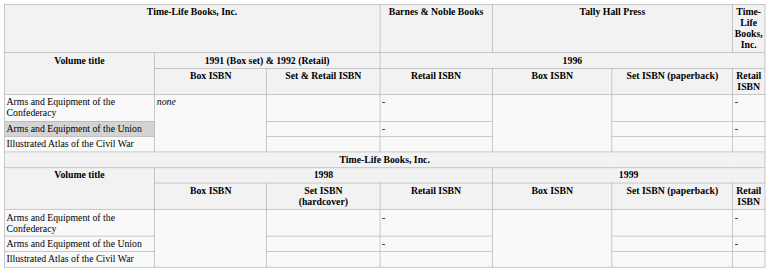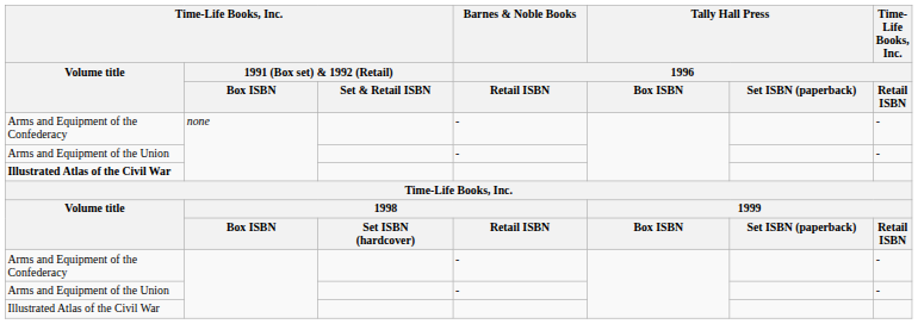 <table | class="wikitable">
 <tr valign="top">
 <th colspan="3" width="40%"><strong>Time-Life Books, Inc.</strong></th>
 <th colspan="1" width="10%"><strong>Barnes & Noble Books</strong></th>
 <th colspan="2" width="40%"><strong>Tally Hall Press</strong></th>
 <th colspan="1" width="10%"><strong>Time-Life Books, Inc.</strong></th>
 </tr>
 <tr valign="top">
 <th rowspan="2" width="10%"><strong>Volume title</strong></th>
 <th colspan="2" width="30">1991 (Box set) & 1992 (Retail)</th>
 <th colspan="4" width="60">1996</th>
 </tr>
 <tr valign="top">
 <th width="10%"><strong>Box ISBN</strong></th>
 <th width="15%"><strong>Set & Retail ISBN</strong></th>
 <th width="15%"><strong>Retail ISBN</strong></th>
 <th width="16%"><strong>Box ISBN</strong></th>
 <th width="16%"><strong>Set ISBN</strong> (paperback)</th>
 <th width="17%"><strong>Retail ISBN</strong></th>
 </tr>
 <tr valign="top">
 <td>Arms and Equipment of the Confederacy</td>
 <td rowspan="3"><em>none</em></td>
 <td></td>
 <td>-</td>
 <td rowspan="3"></td>
 <td></td>
 <td>-</td>
 </tr>
 <tr>
-<td style="background: lightgrey;">Arms and Equipment of the Union</td>
+<td>Arms and Equipment of the Union</td>
 <td></td>
 <td>-</td>
 <td></td>
 <td>-</td>
 </tr>
 <tr>
-<td>Illustrated Atlas of the Civil War</td>
+<td><strong>Illustrated Atlas of the Civil War</strong></td>
 <td></td>
 <td></td>
 <td></td>
 <td></td>
 </tr>
 <tr valign="top">
 <th colspan="7" width="100%"><strong>Time-Life Books, Inc.</strong></th>
 </tr>
 <tr valign="top">
 <th rowspan="2" width="20%"><strong>Volume title</strong></th>
 <th colspan="3" width="20">1998</th>
 <th colspan="4" width="20">1999</th>
 </tr>
 <tr valign="top">
 <th width="15%"><strong>Box ISBN</strong></th>
 <th width="15%"><strong>Set ISBN</strong><br>(hardcover)</th>
 <th width="10%"><strong>Retail ISBN</strong></th>
 <th width="16%"><strong>Box ISBN</strong></th>
 <th width="16%"><strong>Set ISBN</strong> (paperback)</th>
 <th width="17%"><strong>Retail ISBN</strong></th>
 </tr>
 <tr valign="top">
 <td>Arms and Equipment of the Confederacy</td>
 <td rowspan="3"></td>
 <td></td>
 <td>-</td>
 <td rowspan="3"></td>
 <td></td>
 <td>-</td>
 </tr>
 <tr>
 <td>Arms and Equipment of the Union</td>
 <td></td>
 <td>-</td>
 <td></td>
 <td>-</td>
 </tr>
 <tr>
 <td>Illustrated Atlas of the Civil War</td>
 <td></td>
 <td></td>
 <td></td>
 <td></td>
 </tr>
 </table>
